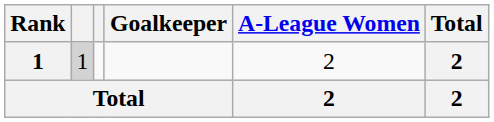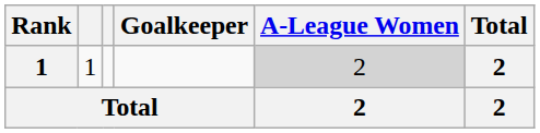 <table class="wikitable" style="text-align:center">
 <tr>
 <th>Rank</th>
 <th></th>
 <th></th>
 <th>Goalkeeper</th>
 <th><a href='#'>A-League Women</a></th>
 <th>Total</th>
 </tr>
 <tr>
 <th>1</th>
-<td style="background: lightgrey;">1</td>
+<td>1</td>
 <td></td>
 <td align="left"></td>
-<td>2</td>
+<td style="background: lightgrey;">2</td>
 <th>2</th>
 </tr>
 <tr>
 <th colspan="4">Total</th>
 <th>2</th>
 <th>2</th>
 </tr>
 </table>
